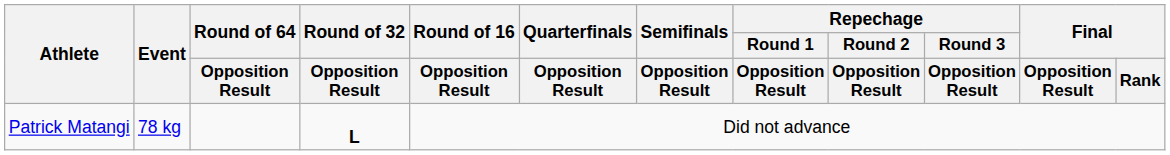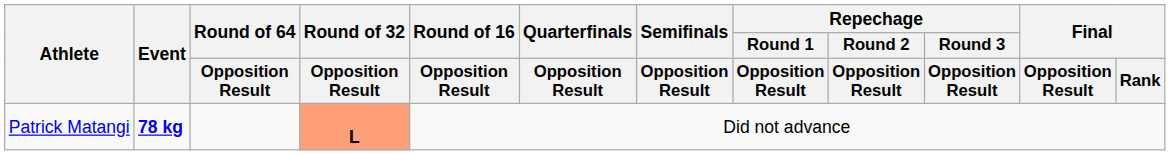 <table class="wikitable" style="font-size:90%">
 <tr>
 <th rowspan="3">Athlete</th>
 <th rowspan="3">Event</th>
 <th rowspan="2">Round of 64</th>
 <th rowspan="2">Round of 32</th>
 <th rowspan="2">Round of 16</th>
 <th rowspan="2">Quarterfinals</th>
 <th rowspan="2">Semifinals</th>
 <th colspan=3>Repechage</th>
 <th rowspan="2" colspan=2>Final</th>
 </tr>
 <tr style="font-size:95%">
 <th>Round 1</th>
 <th>Round 2</th>
 <th>Round 3</th>
 </tr>
 <tr style="font-size:95%">
 <th>Opposition<br>Result</th>
 <th>Opposition<br>Result</th>
 <th>Opposition<br>Result</th>
 <th>Opposition<br>Result</th>
 <th>Opposition<br>Result</th>
 <th>Opposition<br>Result</th>
 <th>Opposition<br>Result</th>
 <th>Opposition<br>Result</th>
 <th>Opposition<br>Result</th>
 <th>Rank</th>
 </tr>
 <tr align=center>
 <td align=left><a href='#'>Patrick Matangi</a></td>
-<td align=left><a href='#'>78 kg</a></td>
+<td align=left><strong><a href='#'>78 kg</a></strong></td>
 <td></td>
-<td><br><strong>L</strong></td>
+<td style="background: lightsalmon;"><br><strong>L</strong></td>
 <td colspan=8>Did not advance</td>
 </tr>
 </table>
